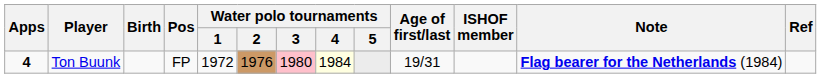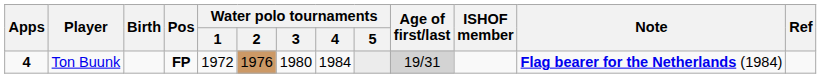 <table class="wikitable sortable" style="text-align: center; font-size: 90%; margin-left: 1em;">
 <tr>
 <th rowspan="2">Apps</th>
 <th rowspan="2">Player</th>
 <th rowspan="2">Birth</th>
 <th rowspan="2">Pos</th>
 <th colspan="5">Water polo tournaments</th>
 <th rowspan="2">Age of<br>first/last</th>
 <th rowspan="2">ISHOF<br>member</th>
 <th rowspan="2">Note</th>
 <th rowspan="2" class="unsortable">Ref</th>
 </tr>
 <tr>
 <th>1</th>
 <th style="width: 2em;" class="unsortable">2</th>
 <th style="width: 2em;" class="unsortable">3</th>
 <th style="width: 2em;" class="unsortable">4</th>
 <th style="width: 2em;" class="unsortable">5</th>
 </tr>
 <tr>
 <td><strong>4</strong></td>
 <td style="text-align: left;" data-sort-value="Buunk, Ton"><a href='#'>Ton Buunk</a></td>
 <td></td>
-<td>FP</td>
+<td><strong>FP</strong></td>
 <td>1972</td>
 <td style="background-color: #cc9966;">1976</td>
-<td style="background: pink;">1980</td>
-<td style="background: lightyellow;">1984</td>
+<td>1980</td>
+<td>1984</td>
 <td style="background-color: #ececec;"></td>
-<td>19/31</td>
+<td style="background: lightgrey;">19/31</td>
 <td></td>
 <td style="text-align: left;"><strong><a href='#'>Flag bearer for the Netherlands</a></strong> (1984)</td>
 <td></td>
 </tr>
 </table>
